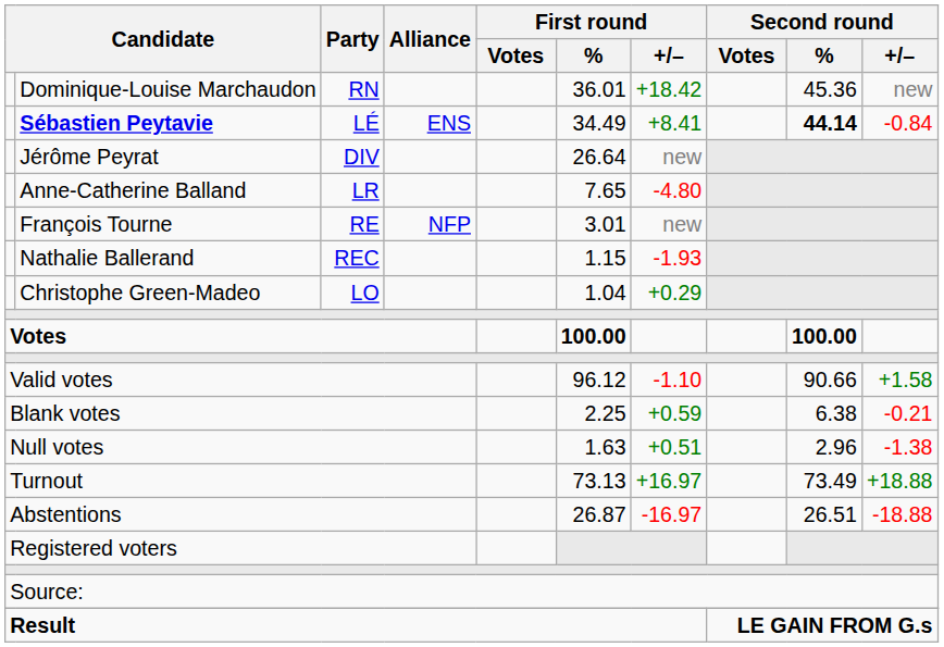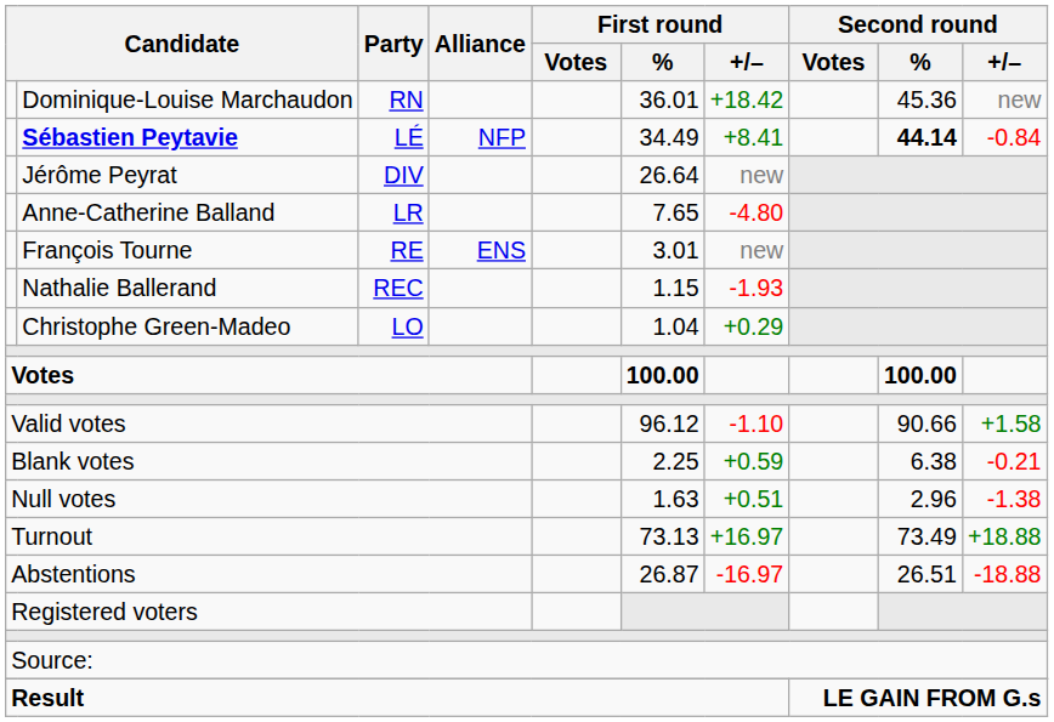 <table class="wikitable" style="text-align:right;font-size:95%;">
 <tr>
 <th rowspan="2" colspan="2">Candidate</th>
 <th rowspan="2">Party</th>
 <th rowspan="2">Alliance</th>
 <th colspan="3">First round</th>
 <th colspan="3">Second round</th>
 </tr>
 <tr>
 <th style="width:50px;">Votes</th>
 <th style="width:45px;">%</th>
 <th style="width:45px;">+/–</th>
 <th style="width:50px;">Votes</th>
 <th style="width:45px;">%</th>
 <th style="width:45px;">+/–</th>
 </tr>
 <tr>
 <td style="color:inherit;background:"></td>
 <td style="text-align:left;">Dominique-Louise Marchaudon</td>
 <td><a href='#'>RN</a></td>
 <td></td>
 <td></td>
 <td>36.01</td>
 <td style="color:green;">+18.42</td>
 <td></td>
 <td>45.36</td>
 <td style="color:grey;">new</td>
 </tr>
 <tr>
 <td style="color:inherit;background:"></td>
 <td style="text-align:left;"><strong><a href='#'>Sébastien Peytavie</a></strong></td>
 <td><a href='#'>LÉ</a></td>
-<td><a href='#'>ENS</a></td>
+<td><a href='#'>NFP</a></td>
 <td></td>
 <td>34.49</td>
 <td style="color:green;">+8.41</td>
 <td><strong></strong></td>
 <td><strong>44.14</strong></td>
 <td style="color:red;">-0.84</td>
 </tr>
 <tr>
 <td style="color:inherit;background:"></td>
 <td style="text-align:left;">Jérôme Peyrat</td>
 <td><a href='#'>DIV</a></td>
 <td></td>
 <td></td>
 <td>26.64</td>
 <td style="color:grey;">new</td>
 <td colspan="3" style="background:#E9E9E9;"></td>
 </tr>
 <tr>
 <td style="color:inherit;background:"></td>
 <td style="text-align:left;">Anne-Catherine Balland</td>
 <td><a href='#'>LR</a></td>
 <td></td>
 <td></td>
 <td>7.65</td>
 <td style="color:red;">-4.80</td>
 <td colspan="3" style="background:#E9E9E9;"></td>
 </tr>
 <tr>
 <td style="color:inherit;background:"></td>
 <td style="text-align:left;">François Tourne</td>
 <td><a href='#'>RE</a></td>
-<td><a href='#'>NFP</a></td>
+<td><a href='#'>ENS</a></td>
 <td></td>
 <td>3.01</td>
 <td style="color:grey;">new</td>
 <td colspan="3" style="background:#E9E9E9;"></td>
 </tr>
 <tr>
 <td style="color:inherit;background:"></td>
 <td style="text-align:left;">Nathalie Ballerand</td>
 <td><a href='#'>REC</a></td>
 <td></td>
 <td></td>
 <td>1.15</td>
 <td style="color:red;">-1.93</td>
 <td colspan="3" style="background:#E9E9E9;"></td>
 </tr>
 <tr>
 <td style="color:inherit;background:"></td>
 <td style="text-align:left;">Christophe Green-Madeo</td>
 <td><a href='#'>LO</a></td>
 <td></td>
 <td></td>
 <td>1.04</td>
 <td style="color:green;">+0.29</td>
 <td colspan="3" style="background:#E9E9E9;"></td>
 </tr>
 <tr>
 <td colspan="10" style="background:#E9E9E9;"></td>
 </tr>
 <tr style="font-weight:bold;">
 <td colspan="4" style="text-align:left;">Votes</td>
 <td></td>
 <td>100.00</td>
 <td></td>
 <td></td>
 <td>100.00</td>
 <td></td>
 </tr>
 <tr>
 <td colspan="10" style="background:#E9E9E9;"></td>
 </tr>
 <tr>
 <td colspan="4" style="text-align:left;">Valid votes</td>
 <td></td>
 <td>96.12</td>
 <td style="color:red;">-1.10</td>
 <td></td>
 <td>90.66</td>
 <td style="color:green;">+1.58</td>
 </tr>
 <tr>
 <td colspan="4" style="text-align:left;">Blank votes</td>
 <td></td>
 <td>2.25</td>
 <td style="color:green;">+0.59</td>
 <td></td>
 <td>6.38</td>
 <td style="color:red;">-0.21</td>
 </tr>
 <tr>
 <td colspan="4" style="text-align:left;">Null votes</td>
 <td></td>
 <td>1.63</td>
 <td style="color:green;">+0.51</td>
 <td></td>
 <td>2.96</td>
 <td style="color:red;">-1.38</td>
 </tr>
 <tr>
 <td colspan="4" style="text-align:left;">Turnout</td>
 <td></td>
 <td>73.13</td>
 <td style="color:green;">+16.97</td>
 <td></td>
 <td>73.49</td>
 <td style="color:green;">+18.88</td>
 </tr>
 <tr>
 <td colspan="4" style="text-align:left;">Abstentions</td>
 <td></td>
 <td>26.87</td>
 <td style="color:red;">-16.97</td>
 <td></td>
 <td>26.51</td>
 <td style="color:red;">-18.88</td>
 </tr>
 <tr>
 <td colspan="4" style="text-align:left;">Registered voters</td>
 <td></td>
 <td colspan="2" style="background:#E9E9E9;"></td>
 <td></td>
 <td colspan="2" style="background:#E9E9E9;"></td>
 </tr>
 <tr>
 <td colspan="10" style="background:#E9E9E9;"></td>
 </tr>
 <tr>
 <td colspan="10" style="text-align:left;">Source: </td>
 </tr>
 <tr>
 </tr>
 <tr style="font-weight:bold">
 <td colspan="7" style="text-align:left;">Result</td>
 <td colspan="7" style="background-color:">LE GAIN FROM G.s</td>
 </tr>
 </table>
